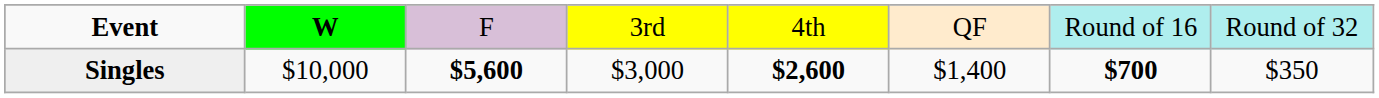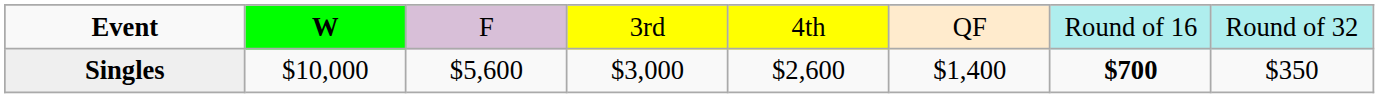 <table class=wikitable style=font-size:95%;text-align:center>
 <tr>
 <td style="width:130px"><strong>Event</strong></td>
 <td style="width:85px; background:lime"><strong>W</strong></td>
 <td style="width:85px; background:thistle">F</td>
 <td style="width:85px; background:#ffff00">3rd</td>
 <td style="width:85px; background:#ffff00">4th</td>
 <td style="width:85px; background:#ffebcd">QF</td>
 <td style="width:85px; background:#afeeee">Round of 16</td>
 <td style="width:85px; background:#afeeee">Round of 32</td>
 </tr>
 <tr>
 <th style=background:#efefef>Singles </th>
 <td>$10,000</td>
-<td><strong>$5,600</strong></td>
+<td>$5,600</td>
 <td>$3,000</td>
-<td><strong>$2,600</strong></td>
+<td>$2,600</td>
 <td>$1,400</td>
 <td><strong>$700</strong></td>
 <td>$350</td>
 </tr>
 </table>
